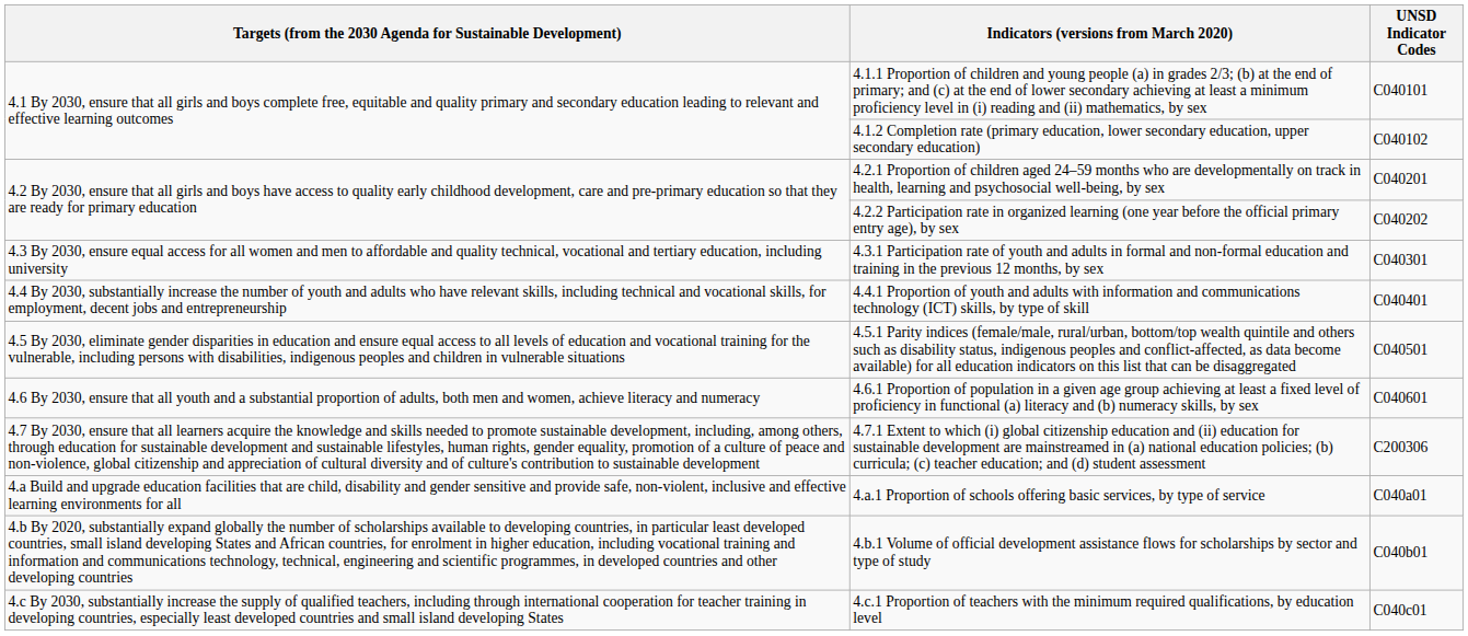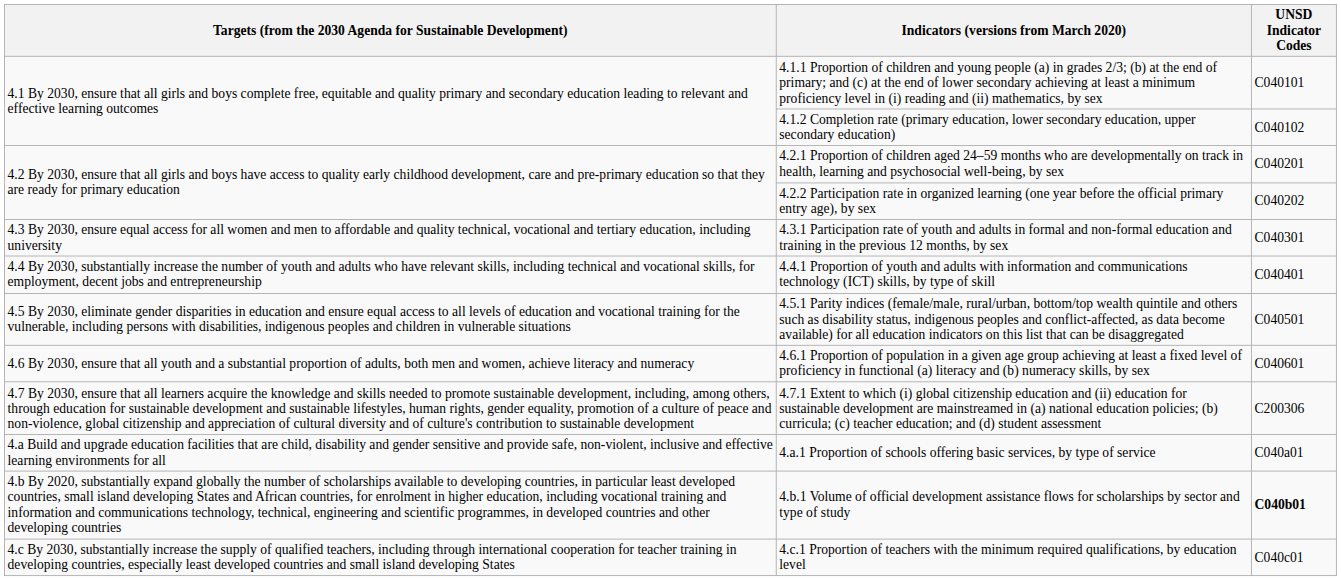 <table class="wikitable">
 <tr>
 <th>Targets (from the 2030 Agenda for Sustainable Development)</th>
 <th>Indicators (versions from March 2020)</th>
 <th>UNSD Indicator Codes </th>
 </tr>
 <tr>
 <td colspan="1" rowspan="2">4.1 By 2030, ensure that all girls and boys complete free, equitable and quality primary and secondary education leading to relevant and effective learning outcomes</td>
 <td>4.1.1 Proportion of children and young people (a) in grades 2/3; (b) at the end of primary; and (c) at the end of lower secondary achieving at least a minimum proficiency level in (i) reading and (ii) mathematics, by sex</td>
 <td>C040101</td>
 </tr>
 <tr>
 <td>4.1.2 Completion rate (primary education, lower secondary education, upper secondary education)</td>
 <td>C040102</td>
 </tr>
 <tr>
 <td colspan="1" rowspan="2">4.2 By 2030, ensure that all girls and boys have access to quality early childhood development, care and pre‑primary education so that they are ready for primary education</td>
 <td>4.2.1 Proportion of children aged 24–59 months who are developmentally on track in health, learning and psychosocial well-being, by sex </td>
 <td>C040201</td>
 </tr>
 <tr>
 <td>4.2.2 Participation rate in organized learning (one year before the official primary entry age), by sex</td>
 <td>C040202</td>
 </tr>
 <tr>
 <td>4.3 By 2030, ensure equal access for all women and men to affordable and quality technical, vocational and tertiary education, including university</td>
 <td>4.3.1 Participation rate of youth and adults in formal and non-formal education and training in the previous 12 months, by sex</td>
 <td>C040301</td>
 </tr>
 <tr>
 <td>4.4 By 2030, substantially increase the number of youth and adults who have relevant skills, including technical and vocational skills, for employment, decent jobs and entrepreneurship</td>
 <td>4.4.1 Proportion of youth and adults with information and communications technology (ICT) skills, by type of skill</td>
 <td>C040401</td>
 </tr>
 <tr>
 <td>4.5 By 2030, eliminate gender disparities in education and ensure equal access to all levels of education and vocational training for the vulnerable, including persons with disabilities, indigenous peoples and children in vulnerable situations</td>
 <td>4.5.1 Parity indices (female/male, rural/urban, bottom/top wealth quintile and others such as disability status, indigenous peoples and conflict-affected, as data become available) for all education indicators on this list that can be disaggregated</td>
 <td>C040501</td>
 </tr>
 <tr>
 <td>4.6 By 2030, ensure that all youth and a substantial proportion of adults, both men and women, achieve literacy and numeracy</td>
 <td>4.6.1 Proportion of population in a given age group achieving at least a fixed level of proficiency in functional (a) literacy and (b) numeracy skills, by sex</td>
 <td>C040601</td>
 </tr>
 <tr>
 <td>4.7 By 2030, ensure that all learners acquire the knowledge and skills needed to promote sustainable development, including, among others, through education for sustainable development and sustainable lifestyles, human rights, gender equality, promotion of a culture of peace and non-violence, global citizenship and appreciation of cultural diversity and of culture's contribution to sustainable development</td>
 <td>4.7.1 Extent to which (i) global citizenship education and (ii) education for sustainable development are mainstreamed in (a) national education policies; (b) curricula; (c) teacher education; and (d) student assessment</td>
 <td>C200306</td>
 </tr>
 <tr>
 <td>4.a Build and upgrade education facilities that are child, disability and gender sensitive and provide safe, non-violent, inclusive and effective learning environments for all</td>
 <td>4.a.1 Proportion of schools offering basic services, by type of service</td>
 <td>C040a01</td>
 </tr>
 <tr>
 <td>4.b By 2020, substantially expand globally the number of scholarships available to developing countries, in particular least developed countries, small island developing States and African countries, for enrolment in higher education, including vocational training and information and communications technology, technical, engineering and scientific programmes, in developed countries and other developing countries</td>
 <td>4.b.1 Volume of official development assistance flows for scholarships by sector and type of study</td>
-<td>C040b01</td>
+<td><strong>C040b01</strong></td>
 </tr>
 <tr>
 <td>4.c By 2030, substantially increase the supply of qualified teachers, including through international cooperation for teacher training in developing countries, especially least developed countries and small island developing States</td>
 <td>4.c.1 Proportion of teachers with the minimum required qualifications, by education level</td>
 <td>C040c01</td>
 </tr>
 </table>
